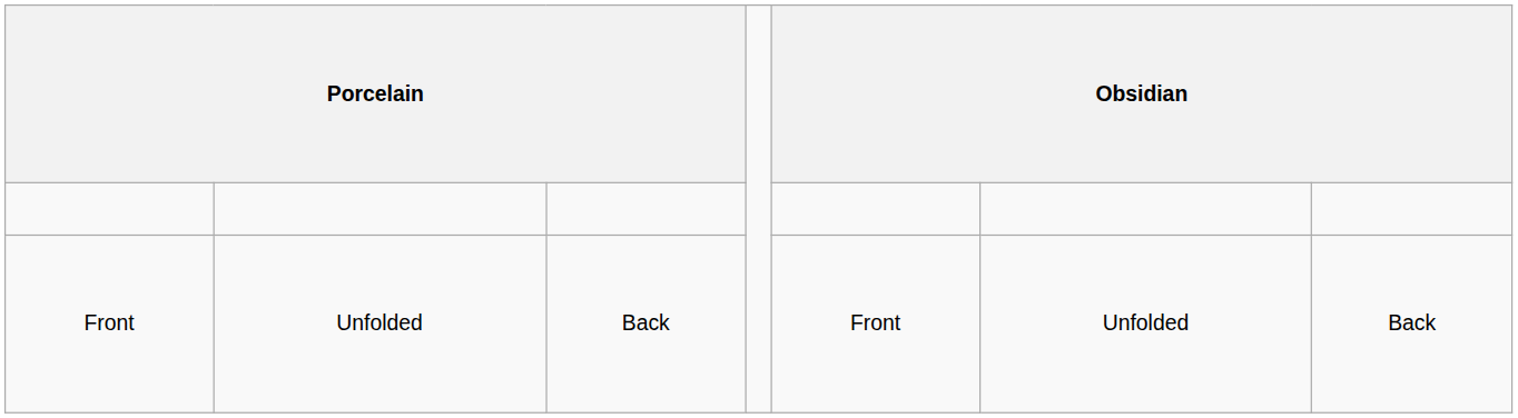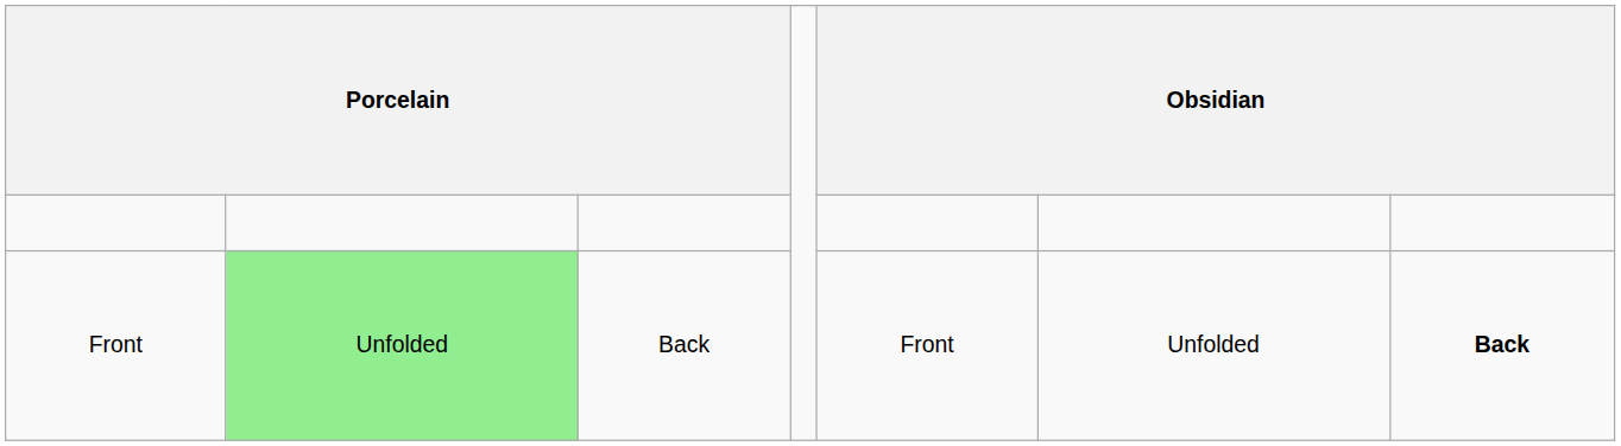 <table class="wikitable" style="text-align: center; width:70em; height:19em;">
 <tr>
 <th colspan="3"> Porcelain</th>
 <td rowspan=3 style="font-size:70%;"></td>
 <th colspan="3"> Obsidian</th>
 </tr>
 <tr>
 <td></td>
 <td></td>
 <td></td>
 <td></td>
 <td></td>
 <td></td>
 </tr>
 <tr>
 <td>Front</td>
-<td>Unfolded</td>
+<td style="background: lightgreen;">Unfolded</td>
 <td>Back</td>
 <td>Front</td>
 <td>Unfolded</td>
-<td>Back</td>
+<td><strong>Back</strong></td>
 </tr>
 </table>
